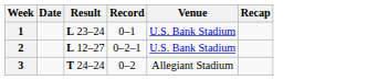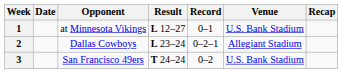 <table class="wikitable" style="text-align:center">
 <tr>
 <th>Week</th>
 <th>Date</th>
+<th>Opponent</th>
 <th>Result</th>
 <th>Record</th>
 <th>Venue</th>
 <th>Recap</th>
 </tr>
 <tr>
 <th>1</th>
 <td></td>
-<td><strong>L</strong> 23–24</td>
+<td>at <a href='#'>Minnesota Vikings</a></td>
+<td><strong>L</strong> 12–27</td>
 <td>0–1</td>
 <td><a href='#'>U.S. Bank Stadium</a></td>
 <td></td>
 </tr>
 <tr>
 <th>2</th>
 <td></td>
-<td><strong>L</strong> 12–27</td>
+<td><a href='#'>Dallas Cowboys</a></td>
+<td><strong>L</strong> 23–24</td>
 <td>0–2–1</td>
-<td><a href='#'>U.S. Bank Stadium</a></td>
+<td><a href='#'>Allegiant Stadium</a></td>
 <td></td>
 </tr>
 <tr>
 <th>3</th>
 <td></td>
+<td><a href='#'>San Francisco 49ers</a></td>
 <td><strong>T</strong> 24–24</td>
 <td>0–2</td>
-<td>Allegiant Stadium</td>
+<td><a href='#'>U.S. Bank Stadium</a></td>
 <td></td>
 </tr>
 </table>
